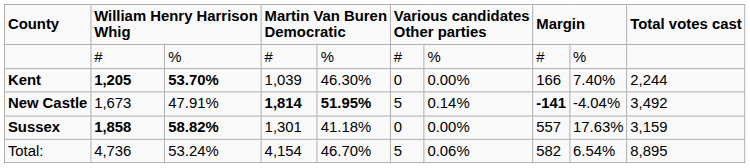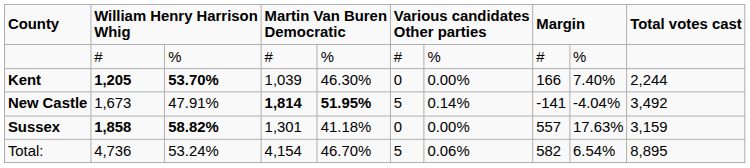 <table class="wikitable">
 <tr>
 <td><strong>County</strong></td>
 <td colspan="2" rowspan="1"><strong>William Henry Harrison</strong><br><strong>Whig</strong></td>
 <td colspan="2" rowspan="1"><strong>Martin Van Buren</strong><br><strong>Democratic</strong></td>
 <td colspan="2" rowspan="1"><strong>Various candidates</strong><br><strong>Other parties</strong></td>
 <td colspan="2" rowspan="1"><strong>Margin</strong></td>
 <td><strong>Total votes cast</strong></td>
 </tr>
 <tr>
 <td></td>
 <td>#</td>
 <td>%</td>
 <td>#</td>
 <td>%</td>
 <td>#</td>
 <td>%</td>
 <td>#</td>
 <td>%</td>
 <td></td>
 </tr>
 <tr>
 <td><strong>Kent</strong></td>
 <td><strong>1,205</strong></td>
 <td><strong>53.70%</strong></td>
 <td>1,039</td>
 <td>46.30%</td>
 <td>0</td>
 <td>0.00%</td>
 <td>166</td>
 <td>7.40%</td>
 <td>2,244</td>
 </tr>
 <tr>
 <td><strong>New Castle</strong></td>
 <td>1,673</td>
 <td>47.91%</td>
 <td><strong>1,814</strong></td>
 <td><strong>51.95%</strong></td>
 <td>5</td>
 <td>0.14%</td>
-<td><strong>-141</strong></td>
+<td>-141</td>
 <td>-4.04%</td>
 <td>3,492</td>
 </tr>
 <tr>
 <td><strong>Sussex</strong></td>
 <td><strong>1,858</strong></td>
 <td><strong>58.82%</strong></td>
 <td>1,301</td>
 <td>41.18%</td>
 <td>0</td>
 <td>0.00%</td>
 <td>557</td>
 <td>17.63%</td>
 <td>3,159</td>
 </tr>
 <tr>
 <td>Total:</td>
 <td>4,736</td>
 <td>53.24%</td>
 <td>4,154</td>
 <td>46.70%</td>
 <td>5</td>
 <td>0.06%</td>
 <td>582</td>
 <td>6.54%</td>
 <td>8,895</td>
 </tr>
 </table>
